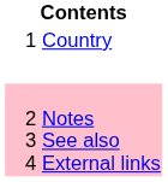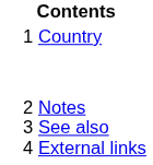 <table id="toc" class="toc" style="margin: 1em auto 1em auto;">
 <tr>
 <td style="text-align: center; padding-top: 1em;"><div><strong>Contents</strong></div></td>
 </tr>
 <tr>
 <td style="padding-left: 1em;">1 <a href='#'>Country</a></td>
 </tr>
 <tr>
 <td style="padding-right: 1em;"><br> </td>
 </tr>
 <tr>
-<td style="background: pink; padding-left: 1em;"><br>2 <a href='#'>Notes</a><br> 3 <a href='#'>See also</a><br> 4 <a href='#'>External links</a></td>
+<td style="padding-left: 1em;"><br>2 <a href='#'>Notes</a><br> 3 <a href='#'>See also</a><br> 4 <a href='#'>External links</a></td>
 </tr>
 </table>
